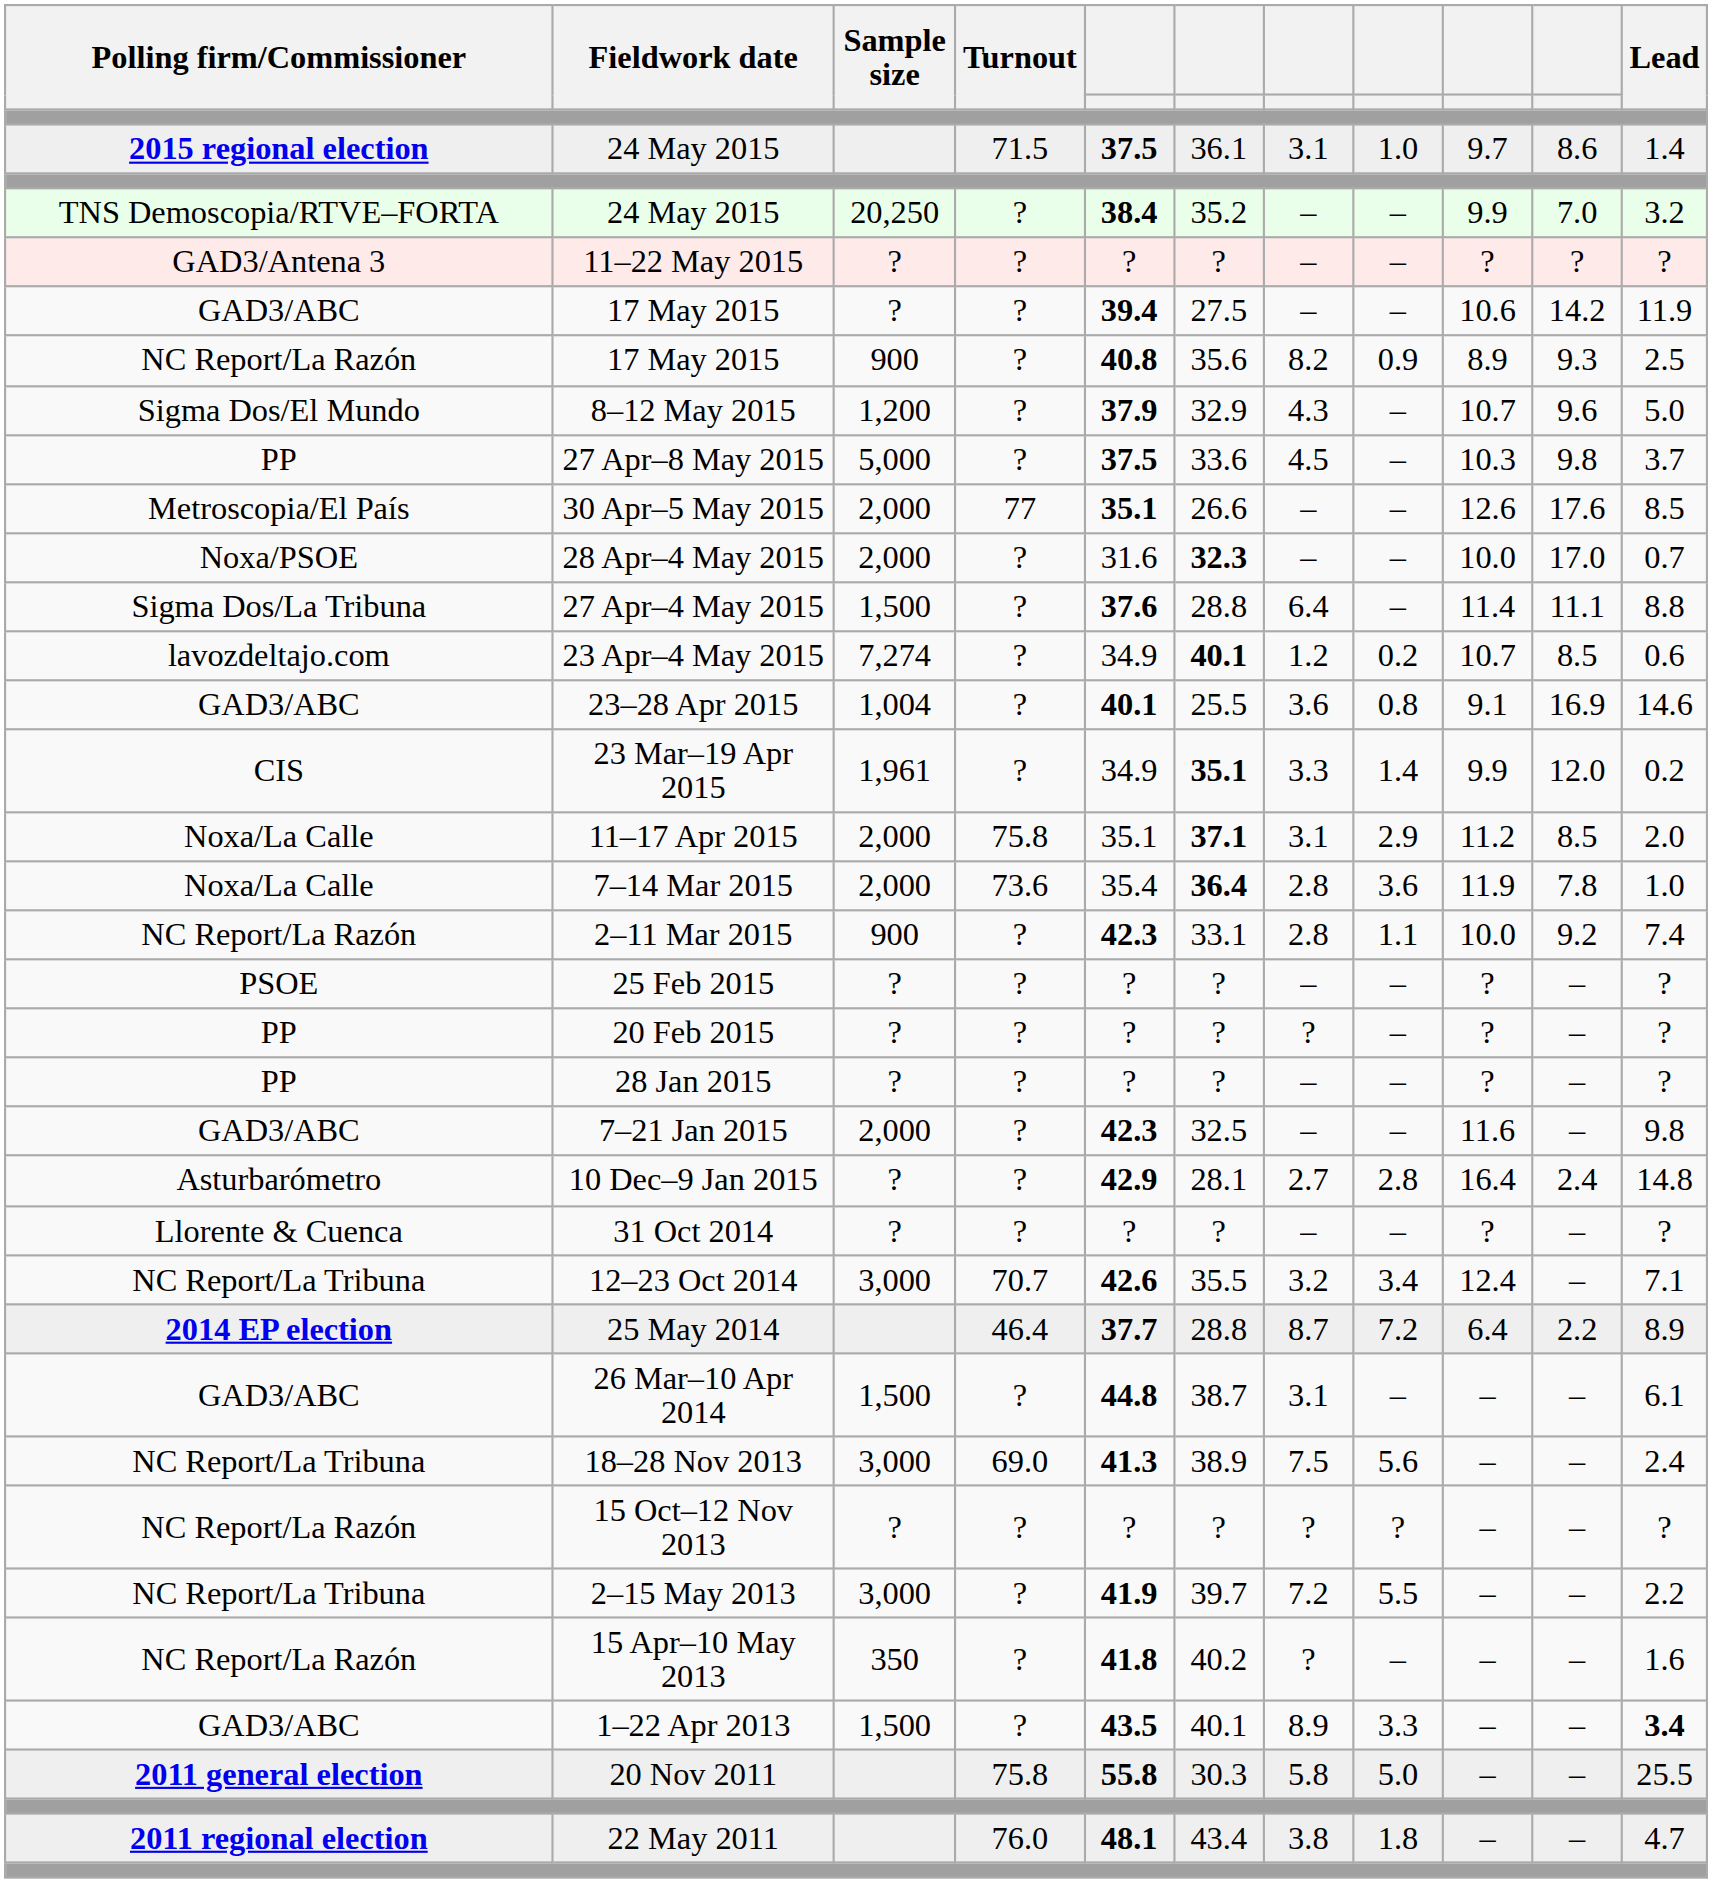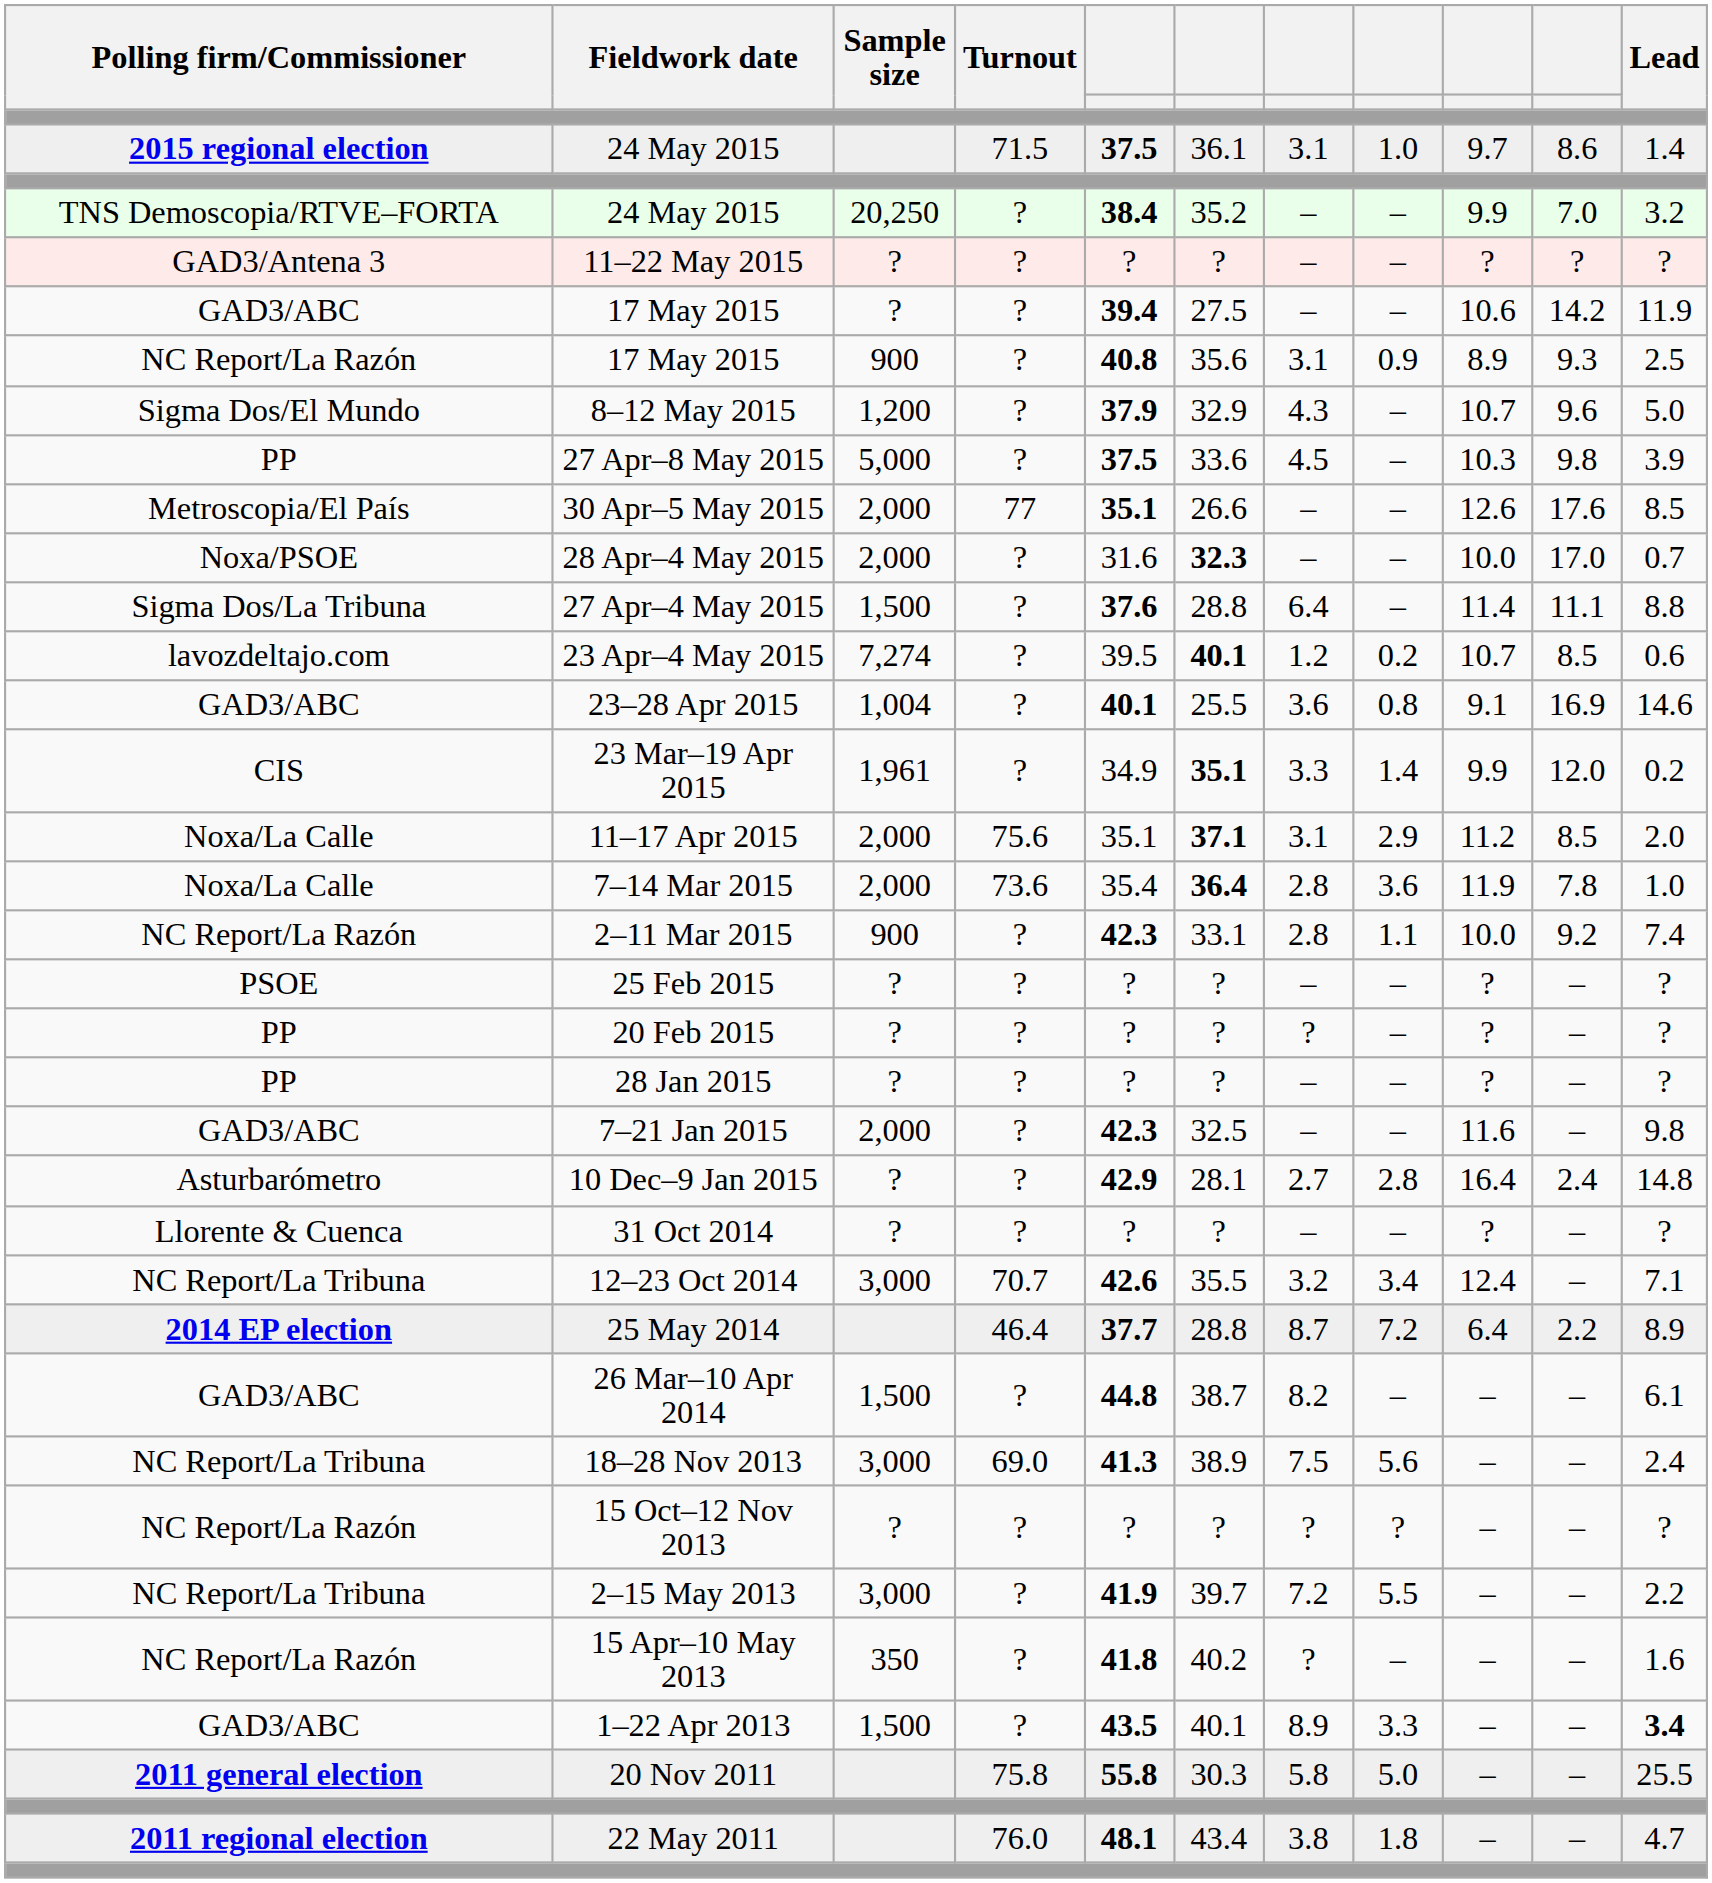 <table class="wikitable collapsible collapsed" style="text-align:center; font-size:95%; line-height:16px;">
 <tr style="height:42px;">
 <th style="width:250px;" rowspan="2">Polling firm/Commissioner</th>
 <th style="width:125px;" rowspan="2">Fieldwork date</th>
 <th style="width:50px;" rowspan="2">Sample size</th>
 <th style="width:45px;" rowspan="2">Turnout</th>
 <th style="width:35px;"></th>
 <th style="width:35px;"></th>
 <th style="width:35px;"></th>
 <th style="width:35px;"></th>
 <th style="width:35px;"></th>
 <th style="width:35px;"></th>
 <th style="width:30px;" rowspan="2">Lead</th>
 </tr>
 <tr>
 <th style="color:inherit;background:"></th>
 <th style="color:inherit;background:"></th>
 <th style="color:inherit;background:"></th>
 <th style="color:inherit;background:"></th>
 <th style="color:inherit;background:"></th>
 <th style="color:inherit;background:"></th>
 </tr>
 <tr>
 <td colspan="11" style="background:#A0A0A0"></td>
 </tr>
 <tr style="background:#EFEFEF;">
 <td><strong><a href='#'>2015 regional election</a></strong></td>
 <td>24 May 2015</td>
 <td></td>
 <td>71.5</td>
 <td><strong>37.5</strong><br></td>
 <td>36.1<br></td>
 <td>3.1<br></td>
 <td>1.0<br></td>
 <td>9.7<br></td>
 <td>8.6<br></td>
 <td style="background:">1.4</td>
 </tr>
 <tr>
 <td colspan="11" style="background:#A0A0A0"></td>
 </tr>
 <tr style="background:#EAFFEA;">
 <td>TNS Demoscopia/RTVE–FORTA</td>
 <td>24 May 2015</td>
 <td>20,250</td>
 <td>?</td>
 <td><strong>38.4</strong><br></td>
 <td>35.2<br></td>
 <td>–</td>
 <td>–</td>
 <td>9.9<br></td>
 <td>7.0<br></td>
 <td style="background:">3.2</td>
 </tr>
 <tr style="background:#FFEAEA;">
 <td>GAD3/Antena 3</td>
 <td>11–22 May 2015</td>
 <td>?</td>
 <td>?</td>
 <td>?<br></td>
 <td>?<br></td>
 <td>–</td>
 <td>–</td>
 <td>?<br></td>
 <td>?<br></td>
 <td style="background:">?</td>
 </tr>
 <tr>
 <td>GAD3/ABC</td>
 <td>17 May 2015</td>
 <td>?</td>
 <td>?</td>
 <td><strong>39.4</strong><br></td>
 <td>27.5<br></td>
 <td>–</td>
 <td>–</td>
 <td>10.6<br></td>
 <td>14.2<br></td>
 <td style="background:">11.9</td>
 </tr>
 <tr>
 <td>NC Report/La Razón</td>
 <td>17 May 2015</td>
 <td>900</td>
 <td>?</td>
 <td><strong>40.8</strong><br></td>
 <td>35.6<br></td>
-<td>8.2<br></td>
+<td>3.1<br></td>
 <td>0.9<br></td>
 <td>8.9<br></td>
 <td>9.3<br></td>
 <td style="background:">2.5</td>
 </tr>
 <tr>
 <td>Sigma Dos/El Mundo</td>
 <td>8–12 May 2015</td>
 <td>1,200</td>
 <td>?</td>
 <td><strong>37.9</strong><br></td>
 <td>32.9<br></td>
 <td>4.3<br></td>
 <td>–</td>
 <td>10.7<br></td>
 <td>9.6<br></td>
 <td style="background:">5.0</td>
 </tr>
 <tr>
 <td>PP</td>
 <td>27 Apr–8 May 2015</td>
 <td>5,000</td>
 <td>?</td>
 <td><strong>37.5</strong><br></td>
 <td>33.6<br></td>
 <td>4.5<br></td>
 <td>–</td>
 <td>10.3<br></td>
 <td>9.8<br></td>
-<td style="background:">3.7</td>
+<td style="background:">3.9</td>
 </tr>
 <tr>
 <td>Metroscopia/El País</td>
 <td>30 Apr–5 May 2015</td>
 <td>2,000</td>
 <td>77</td>
 <td><strong>35.1</strong><br></td>
 <td>26.6<br></td>
 <td>–</td>
 <td>–</td>
 <td>12.6<br></td>
 <td>17.6<br></td>
 <td style="background:">8.5</td>
 </tr>
 <tr>
 <td>Noxa/PSOE</td>
 <td>28 Apr–4 May 2015</td>
 <td>2,000</td>
 <td>?</td>
 <td>31.6<br></td>
 <td><strong>32.3</strong><br></td>
 <td>–</td>
 <td>–</td>
 <td>10.0<br></td>
 <td>17.0<br></td>
 <td style="background:">0.7</td>
 </tr>
 <tr>
 <td>Sigma Dos/La Tribuna</td>
 <td>27 Apr–4 May 2015</td>
 <td>1,500</td>
 <td>?</td>
 <td><strong>37.6</strong><br></td>
 <td>28.8<br></td>
 <td>6.4<br></td>
 <td>–</td>
 <td>11.4<br></td>
 <td>11.1<br></td>
 <td style="background:">8.8</td>
 </tr>
 <tr>
 <td>lavozdeltajo.com</td>
 <td>23 Apr–4 May 2015</td>
 <td>7,274</td>
 <td>?</td>
-<td>34.9<br></td>
+<td>39.5<br></td>
 <td><strong>40.1</strong><br></td>
 <td>1.2<br></td>
 <td>0.2<br></td>
 <td>10.7<br></td>
 <td>8.5<br></td>
 <td style="background:">0.6</td>
 </tr>
 <tr>
 <td>GAD3/ABC</td>
 <td>23–28 Apr 2015</td>
 <td>1,004</td>
 <td>?</td>
 <td><strong>40.1</strong><br></td>
 <td>25.5<br></td>
 <td>3.6<br></td>
 <td>0.8<br></td>
 <td>9.1<br></td>
 <td>16.9<br></td>
 <td style="background:">14.6</td>
 </tr>
 <tr>
 <td>CIS</td>
 <td>23 Mar–19 Apr 2015</td>
 <td>1,961</td>
 <td>?</td>
 <td>34.9<br></td>
 <td><strong>35.1</strong><br></td>
 <td>3.3<br></td>
 <td>1.4<br></td>
 <td>9.9<br></td>
 <td>12.0<br></td>
 <td style="background:">0.2</td>
 </tr>
 <tr>
 <td>Noxa/La Calle</td>
 <td>11–17 Apr 2015</td>
 <td>2,000</td>
-<td>75.8</td>
+<td>75.6</td>
 <td>35.1<br></td>
 <td><strong>37.1</strong><br></td>
 <td>3.1<br></td>
 <td>2.9<br></td>
 <td>11.2<br></td>
 <td>8.5<br></td>
 <td style="background:">2.0</td>
 </tr>
 <tr>
 <td>Noxa/La Calle</td>
 <td>7–14 Mar 2015</td>
 <td>2,000</td>
 <td>73.6</td>
 <td>35.4<br></td>
 <td><strong>36.4</strong><br></td>
 <td>2.8<br></td>
 <td>3.6<br></td>
 <td>11.9<br></td>
 <td>7.8<br></td>
 <td style="background:">1.0</td>
 </tr>
 <tr>
 <td>NC Report/La Razón</td>
 <td>2–11 Mar 2015</td>
 <td>900</td>
 <td>?</td>
 <td><strong>42.3</strong><br></td>
 <td>33.1<br></td>
 <td>2.8<br></td>
 <td>1.1<br></td>
 <td>10.0<br></td>
 <td>9.2<br></td>
 <td style="background:">7.4</td>
 </tr>
 <tr>
 <td>PSOE</td>
 <td>25 Feb 2015</td>
 <td>?</td>
 <td>?</td>
 <td>?<br></td>
 <td>?<br></td>
 <td>–</td>
 <td>–</td>
 <td>?<br></td>
 <td>–</td>
 <td style="background:">?</td>
 </tr>
 <tr>
 <td>PP</td>
 <td>20 Feb 2015</td>
 <td>?</td>
 <td>?</td>
 <td>?<br></td>
 <td>?<br></td>
 <td>?<br></td>
 <td>–</td>
 <td>?<br></td>
 <td>–</td>
 <td style="background:">?</td>
 </tr>
 <tr>
 <td>PP</td>
 <td>28 Jan 2015</td>
 <td>?</td>
 <td>?</td>
 <td>?<br></td>
 <td>?<br></td>
 <td>–</td>
 <td>–</td>
 <td>?<br></td>
 <td>–</td>
 <td style="background:">?</td>
 </tr>
 <tr>
 <td>GAD3/ABC</td>
 <td>7–21 Jan 2015</td>
 <td>2,000</td>
 <td>?</td>
 <td><strong>42.3</strong><br></td>
 <td>32.5<br></td>
 <td>–</td>
 <td>–</td>
 <td>11.6<br></td>
 <td>–</td>
 <td style="background:">9.8</td>
 </tr>
 <tr>
 <td>Asturbarómetro</td>
 <td>10 Dec–9 Jan 2015</td>
 <td>?</td>
 <td>?</td>
 <td><strong>42.9</strong><br></td>
 <td>28.1<br></td>
 <td>2.7<br></td>
 <td>2.8<br></td>
 <td>16.4<br></td>
 <td>2.4<br></td>
 <td style="background:">14.8</td>
 </tr>
 <tr>
 <td>Llorente & Cuenca</td>
 <td>31 Oct 2014</td>
 <td>?</td>
 <td>?</td>
 <td>?<br></td>
 <td>?<br></td>
 <td>–</td>
 <td>–</td>
 <td>?<br></td>
 <td>–</td>
 <td style="background:">?</td>
 </tr>
 <tr>
 <td>NC Report/La Tribuna</td>
 <td>12–23 Oct 2014</td>
 <td>3,000</td>
 <td>70.7</td>
 <td><strong>42.6</strong><br></td>
 <td>35.5<br></td>
 <td>3.2<br></td>
 <td>3.4<br></td>
 <td>12.4<br></td>
 <td>–</td>
 <td style="background:">7.1</td>
 </tr>
 <tr style="background:#EFEFEF;">
 <td><strong><a href='#'>2014 EP election</a></strong></td>
 <td>25 May 2014</td>
 <td></td>
 <td>46.4</td>
 <td><strong>37.7</strong><br></td>
 <td>28.8<br></td>
 <td>8.7<br></td>
 <td>7.2<br></td>
 <td>6.4<br></td>
 <td>2.2<br></td>
 <td style="background:">8.9</td>
 </tr>
 <tr>
 <td>GAD3/ABC</td>
 <td>26 Mar–10 Apr 2014</td>
 <td>1,500</td>
 <td>?</td>
 <td><strong>44.8</strong><br></td>
 <td>38.7<br></td>
-<td>3.1<br></td>
+<td>8.2<br></td>
 <td>–</td>
 <td>–</td>
 <td>–</td>
 <td style="background:">6.1</td>
 </tr>
 <tr>
 <td>NC Report/La Tribuna</td>
 <td>18–28 Nov 2013</td>
 <td>3,000</td>
 <td>69.0</td>
 <td><strong>41.3</strong><br></td>
 <td>38.9<br></td>
 <td>7.5<br></td>
 <td>5.6<br></td>
 <td>–</td>
 <td>–</td>
 <td style="background:">2.4</td>
 </tr>
 <tr>
 <td>NC Report/La Razón</td>
 <td>15 Oct–12 Nov 2013</td>
 <td>?</td>
 <td>?</td>
 <td>?<br></td>
 <td>?<br></td>
 <td>?<br></td>
 <td>?<br></td>
 <td>–</td>
 <td>–</td>
 <td style="background:">?</td>
 </tr>
 <tr>
 <td>NC Report/La Tribuna</td>
 <td>2–15 May 2013</td>
 <td>3,000</td>
 <td>?</td>
 <td><strong>41.9</strong><br></td>
 <td>39.7<br></td>
 <td>7.2<br></td>
 <td>5.5<br></td>
 <td>–</td>
 <td>–</td>
 <td style="background:">2.2</td>
 </tr>
 <tr>
 <td>NC Report/La Razón</td>
 <td>15 Apr–10 May 2013</td>
 <td>350</td>
 <td>?</td>
 <td><strong>41.8</strong><br></td>
 <td>40.2<br></td>
 <td>?<br></td>
 <td>–</td>
 <td>–</td>
 <td>–</td>
 <td style="background:">1.6</td>
 </tr>
 <tr>
 <td>GAD3/ABC</td>
 <td>1–22 Apr 2013</td>
 <td>1,500</td>
 <td>?</td>
 <td><strong>43.5</strong><br></td>
 <td>40.1<br></td>
 <td>8.9<br></td>
 <td>3.3<br></td>
 <td>–</td>
 <td>–</td>
 <td style="background:"><strong>3.4</strong></td>
 </tr>
 <tr style="background:#EFEFEF;">
 <td><strong><a href='#'>2011 general election</a></strong></td>
 <td>20 Nov 2011</td>
 <td></td>
 <td>75.8</td>
 <td><strong>55.8</strong><br></td>
 <td>30.3<br></td>
 <td>5.8<br></td>
 <td>5.0<br></td>
 <td>–</td>
 <td>–</td>
 <td style="background:">25.5</td>
 </tr>
 <tr>
 <td colspan="11" style="background:#A0A0A0"></td>
 </tr>
 <tr style="background:#EFEFEF;">
 <td><strong><a href='#'>2011 regional election</a></strong></td>
 <td>22 May 2011</td>
 <td></td>
 <td>76.0</td>
 <td><strong>48.1</strong><br></td>
 <td>43.4<br></td>
 <td>3.8<br></td>
 <td>1.8<br></td>
 <td>–</td>
 <td>–</td>
 <td style="background:">4.7</td>
 </tr>
 <tr>
 <td colspan="11" style="background:#A0A0A0"></td>
 </tr>
 </table>
